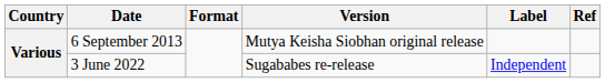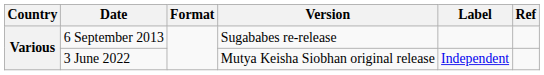 <table class="wikitable plainrowheaders">
 <tr>
 <th scope="col">Country</th>
 <th>Date</th>
 <th>Format</th>
 <th>Version</th>
 <th>Label</th>
 <th>Ref</th>
 </tr>
 <tr>
 <th scope="row" rowspan="2">Various</th>
 <td>6 September 2013</td>
 <td rowspan="2"></td>
-<td>Mutya Keisha Siobhan original release</td>
+<td>Sugababes re-release</td>
 <td></td>
 <td align=center></td>
 </tr>
 <tr>
 <td>3 June 2022</td>
-<td>Sugababes re-release</td>
+<td>Mutya Keisha Siobhan original release</td>
 <td><a href='#'>Independent</a></td>
 <td align=center></td>
 </tr>
 </table>
